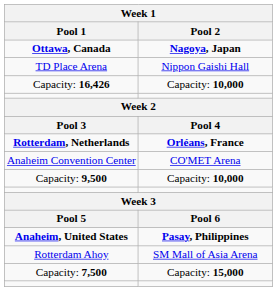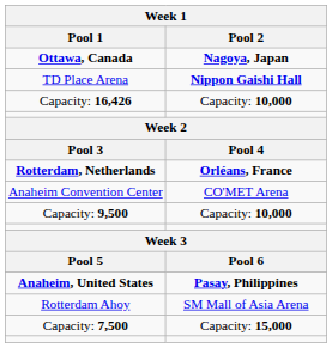 <table class="wikitable" style="text-align:center">
 <tr>
 <th width=100% colspan=2>Week 1</th>
 </tr>
 <tr>
 <th width=50%>Pool 1</th>
 <th width=50%>Pool 2</th>
 </tr>
 <tr>
 <td><strong><a href='#'>Ottawa</a>, Canada</strong></td>
 <td><strong><a href='#'>Nagoya</a>, Japan</strong></td>
 </tr>
 <tr>
 <td><a href='#'>TD Place Arena</a></td>
-<td><a href='#'>Nippon Gaishi Hall</a></td>
+<td><strong><a href='#'>Nippon Gaishi Hall</a></strong></td>
 </tr>
 <tr>
 <td>Capacity: <strong>16,426</strong></td>
 <td>Capacity: <strong>10,000</strong></td>
 </tr>
 <tr>
 <td></td>
 <td></td>
 </tr>
 <tr>
 <th width=100% colspan=2>Week 2</th>
 </tr>
 <tr>
 <th width=50%>Pool 3</th>
 <th width=50%>Pool 4</th>
 </tr>
 <tr>
 <td><strong><a href='#'>Rotterdam</a>, Netherlands</strong></td>
 <td><strong><a href='#'>Orléans</a>, France</strong></td>
 </tr>
 <tr>
 <td><a href='#'>Anaheim Convention Center</a></td>
 <td><a href='#'>CO'MET Arena</a></td>
 </tr>
 <tr>
 <td>Capacity: <strong>9,500</strong></td>
 <td>Capacity: <strong>10,000</strong></td>
 </tr>
 <tr>
 <td></td>
 <td></td>
 </tr>
 <tr>
 <th width=100% colspan=2>Week 3</th>
 </tr>
 <tr>
 <th width=50%>Pool 5</th>
 <th width=50%>Pool 6</th>
 </tr>
 <tr>
 <td><strong><a href='#'>Anaheim</a>, United States</strong></td>
 <td><strong><a href='#'>Pasay</a>, Philippines</strong></td>
 </tr>
 <tr>
 <td><a href='#'>Rotterdam Ahoy</a></td>
 <td><a href='#'>SM Mall of Asia Arena</a></td>
 </tr>
 <tr>
 <td>Capacity: <strong>7,500</strong></td>
 <td>Capacity: <strong>15,000</strong></td>
 </tr>
 <tr>
 <td></td>
 <td></td>
 </tr>
 </table>
